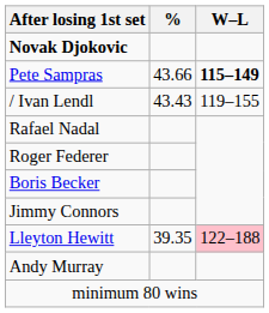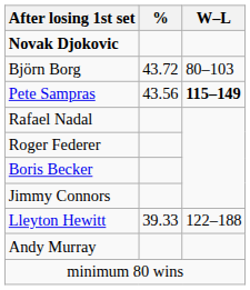 <table class=wikitable style="display:inline-table;">
 <tr>
 <th>After losing 1st set</th>
 <th>%</th>
 <th>W–L </th>
 </tr>
 <tr>
 <td> <strong>Novak Djokovic</strong></td>
 <td></td>
 </tr>
 <tr>
-<td> <a href='#'>Pete Sampras</a></td>
-<td>43.66</td>
-<td><strong>115–149</strong></td>
+<td> Björn Borg</td>
+<td>43.72</td>
+<td>80–103</td>
 </tr>
 <tr>
-<td>/ Ivan Lendl</td>
-<td>43.43</td>
-<td>119–155</td>
+<td> <a href='#'>Pete Sampras</a></td>
+<td>43.56</td>
+<td><strong>115–149</strong></td>
 </tr>
 <tr>
 <td> Rafael Nadal</td>
 <td></td>
 </tr>
 <tr>
 <td> Roger Federer</td>
 <td></td>
 </tr>
 <tr>
 <td> <a href='#'>Boris Becker</a></td>
 <td></td>
 </tr>
 <tr>
 <td> Jimmy Connors</td>
 <td></td>
 </tr>
 <tr>
 <td> <a href='#'>Lleyton Hewitt</a></td>
-<td>39.35</td>
-<td style="background: pink;">122–188</td>
+<td>39.33</td>
+<td>122–188</td>
 </tr>
 <tr>
 <td> Andy Murray</td>
 <td></td>
 </tr>
 <tr>
 <td colspan="3" style="text-align:center;">minimum 80 wins</td>
 </tr>
 </table>
